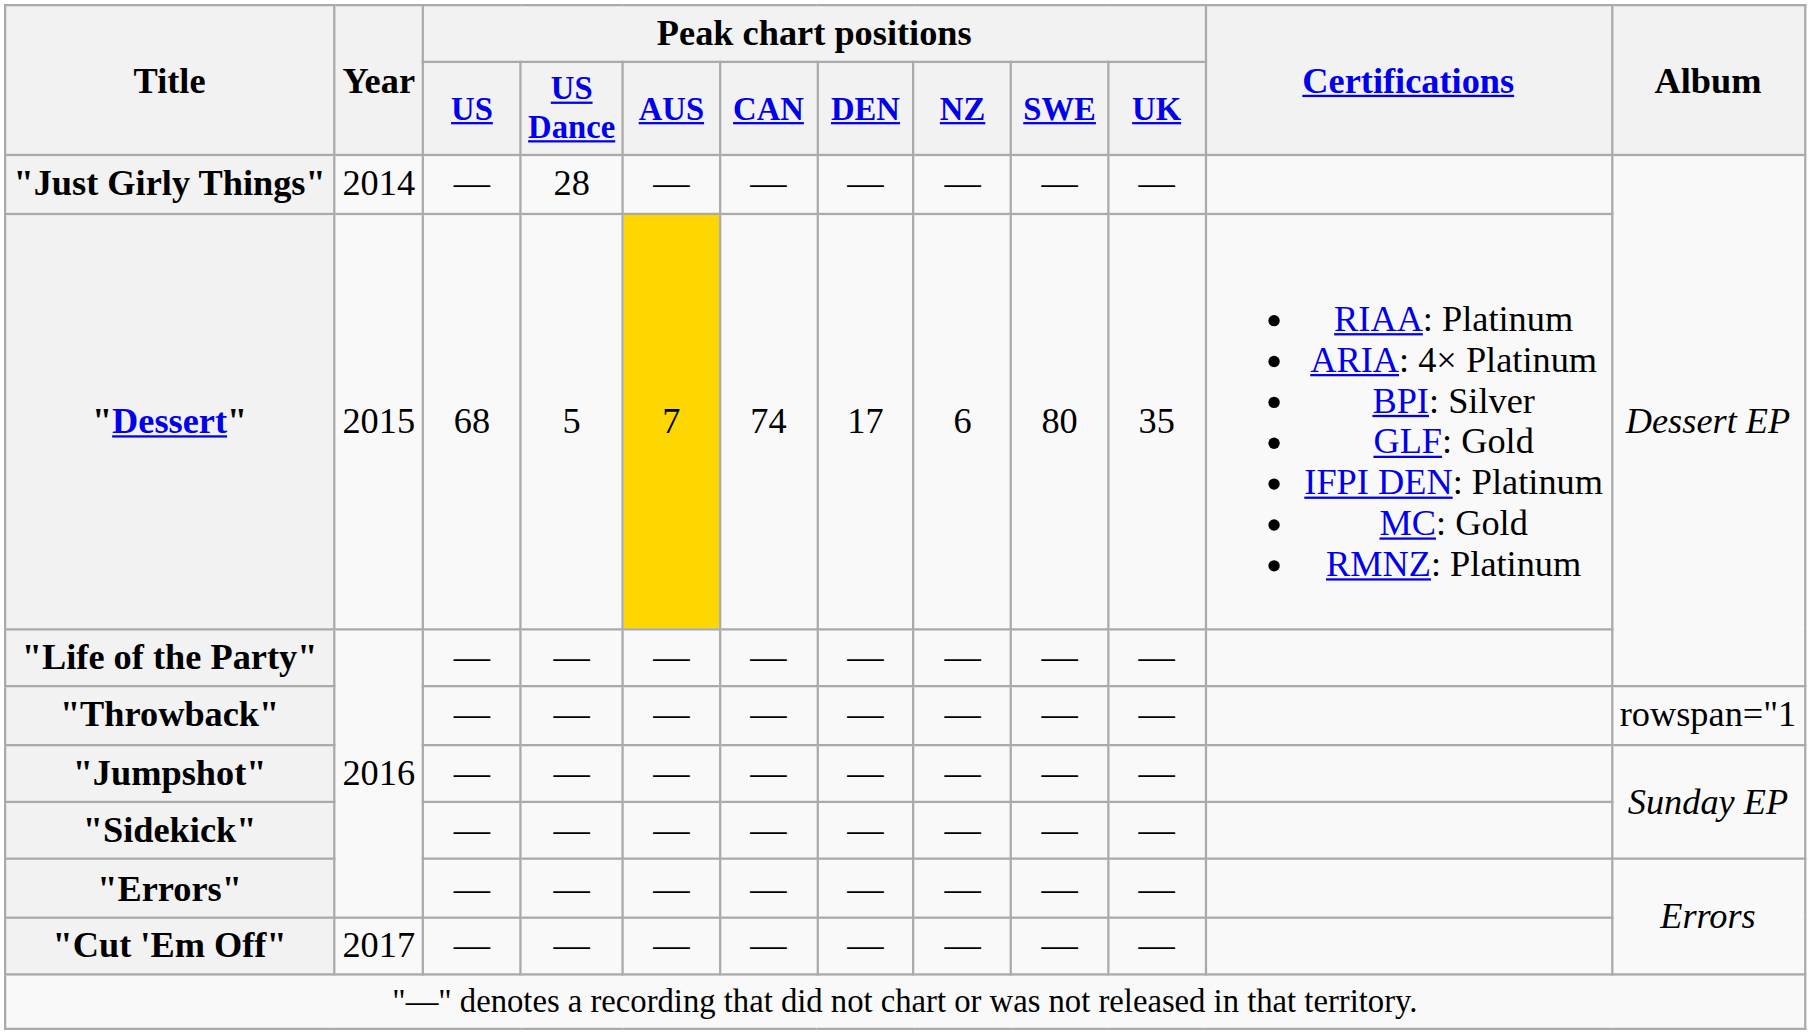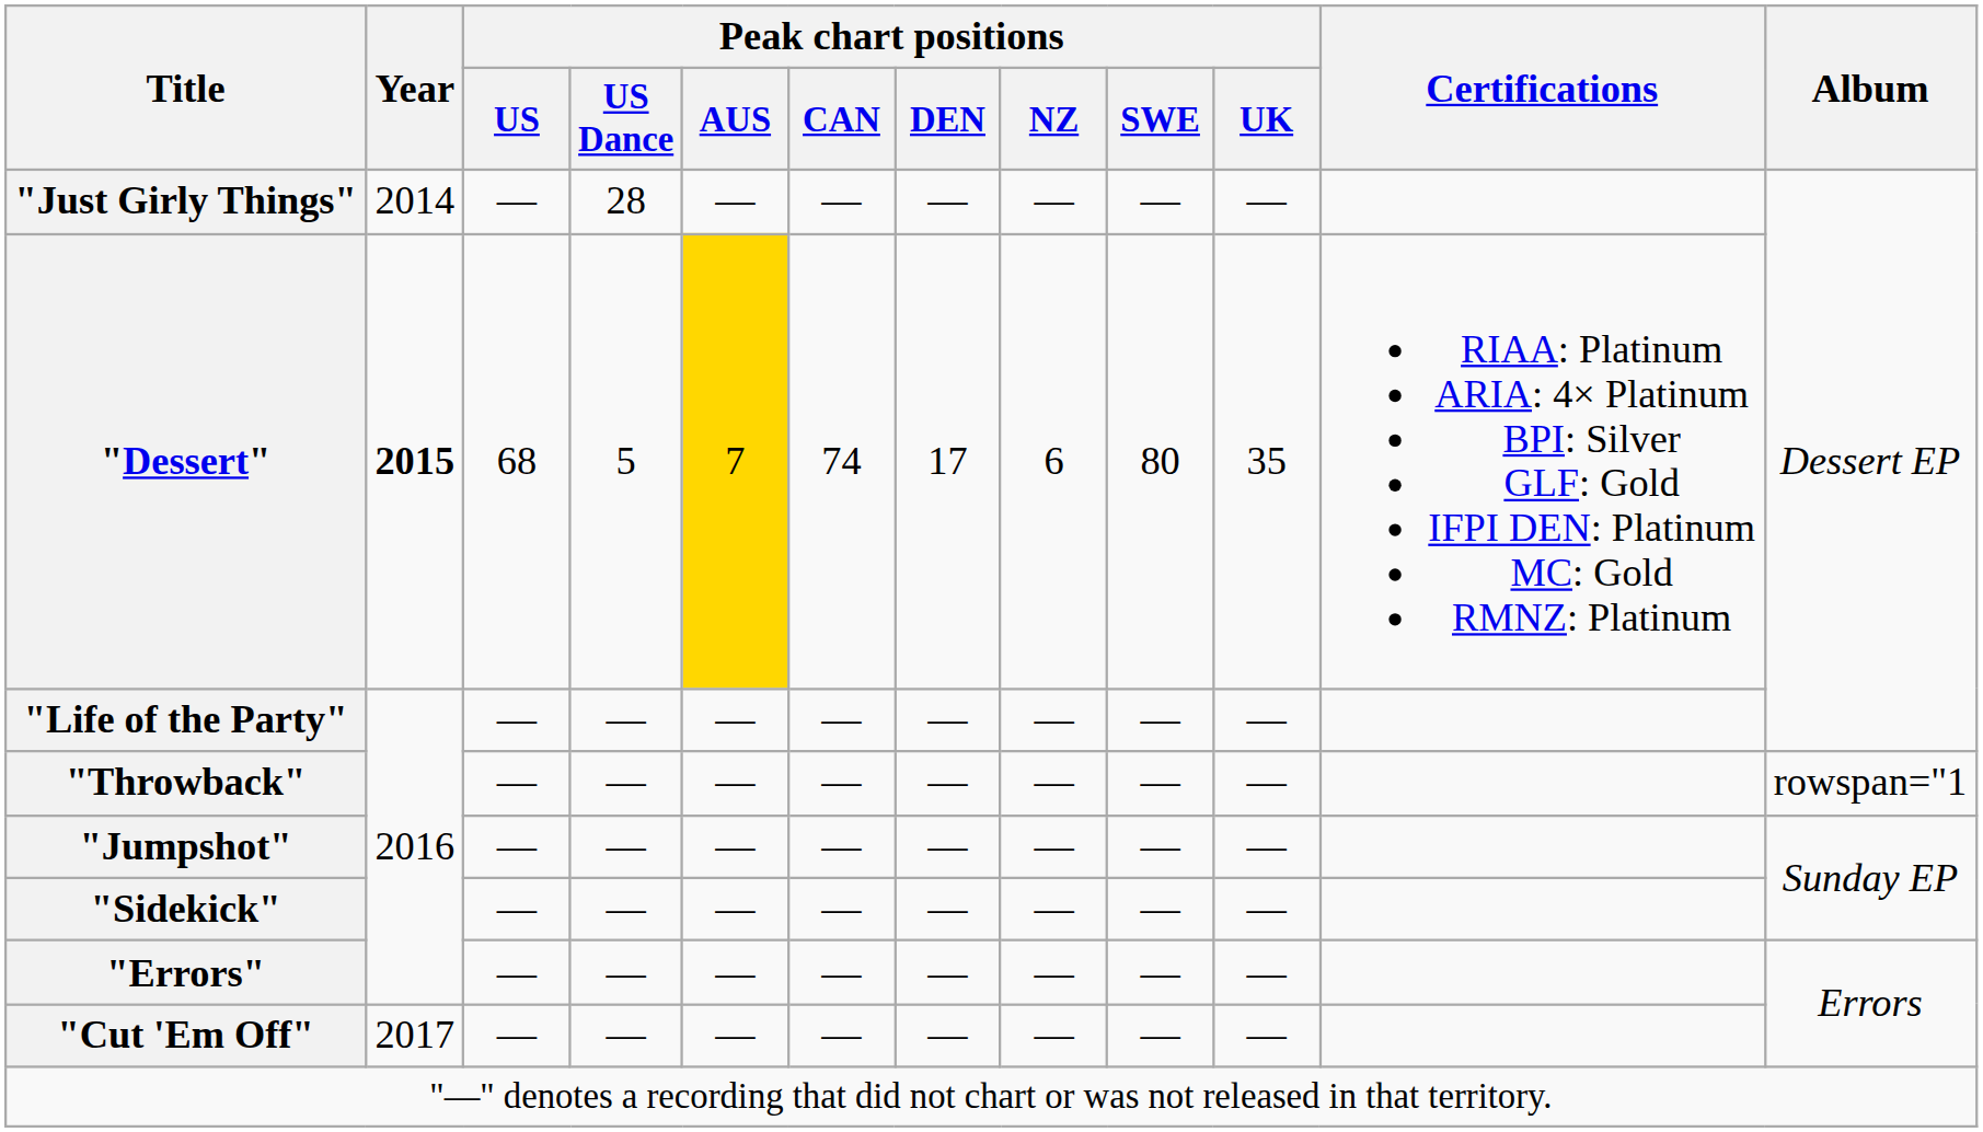 <table class="wikitable plainrowheaders" style="text-align:center">
 <tr>
 <th scope="col" rowspan="2">Title</th>
 <th scope="col" rowspan="2">Year</th>
 <th scope="col" colspan="8">Peak chart positions</th>
 <th scope="col" rowspan="2"><a href='#'>Certifications</a></th>
 <th scope="col" rowspan="2">Album</th>
 </tr>
 <tr>
 <th scope="col" style="width:2.5em; font-size:90%;"><a href='#'>US</a><br></th>
 <th scope="col" style="width:2.5em; font-size:90%;"><a href='#'>US<br> Dance</a><br></th>
 <th scope="col" style="width:2.5em; font-size:90%;"><a href='#'>AUS</a><br></th>
 <th scope="col" style="width:2.5em; font-size:90%;"><a href='#'>CAN</a><br></th>
 <th scope="col" style="width:2.5em; font-size:90%;"><a href='#'>DEN</a><br></th>
 <th scope="col" style="width:2.5em; font-size:90%;"><a href='#'>NZ</a><br></th>
 <th scope="col" style="width:2.5em; font-size:90%;"><a href='#'>SWE</a><br></th>
 <th scope="col" style="width:2.5em; font-size:90%;"><a href='#'>UK</a><br></th>
 </tr>
 <tr>
 <th scope="row">"Just Girly Things"</th>
 <td>2014</td>
 <td>—</td>
 <td>28</td>
 <td>—</td>
 <td>—</td>
 <td>—</td>
 <td>—</td>
 <td>—</td>
 <td>—</td>
 <td></td>
 <td rowspan="3"><em>Dessert EP</em></td>
 </tr>
 <tr>
 <th scope="row">"<a href='#'>Dessert</a>"<br></th>
-<td>2015</td>
+<td><strong>2015</strong></td>
 <td>68</td>
 <td>5</td>
 <td style="background: gold;">7</td>
 <td>74</td>
 <td>17</td>
 <td>6</td>
 <td>80</td>
 <td>35</td>
 <td><br><ul><li><a href='#'>RIAA</a>: Platinum</li><li><a href='#'>ARIA</a>: 4× Platinum</li><li><a href='#'>BPI</a>: Silver</li><li><a href='#'>GLF</a>: Gold</li><li><a href='#'>IFPI DEN</a>: Platinum</li><li><a href='#'>MC</a>: Gold</li><li><a href='#'>RMNZ</a>: Platinum</li></ul></td>
 </tr>
 <tr>
 <th scope="row">"Life of the Party"</th>
 <td rowspan="5">2016</td>
 <td>—</td>
 <td>—</td>
 <td>—</td>
 <td>—</td>
 <td>—</td>
 <td>—</td>
 <td>—</td>
 <td>—</td>
 <td></td>
 </tr>
 <tr>
 <th scope="row">"Throwback"</th>
 <td>—</td>
 <td>—</td>
 <td>—</td>
 <td>—</td>
 <td>—</td>
 <td>—</td>
 <td>—</td>
 <td>—</td>
 <td></td>
 <td>rowspan="1 </td>
 </tr>
 <tr>
 <th scope="row">"Jumpshot"</th>
 <td>—</td>
 <td>—</td>
 <td>—</td>
 <td>—</td>
 <td>—</td>
 <td>—</td>
 <td>—</td>
 <td>—</td>
 <td></td>
 <td rowspan="2"><em>Sunday EP</em></td>
 </tr>
 <tr>
 <th scope="row">"Sidekick"</th>
 <td>—</td>
 <td>—</td>
 <td>—</td>
 <td>—</td>
 <td>—</td>
 <td>—</td>
 <td>—</td>
 <td>—</td>
 <td></td>
 </tr>
 <tr>
 <th scope="row">"Errors"</th>
 <td>—</td>
 <td>—</td>
 <td>—</td>
 <td>—</td>
 <td>—</td>
 <td>—</td>
 <td>—</td>
 <td>—</td>
 <td></td>
 <td rowspan="2"><em>Errors</em></td>
 </tr>
 <tr>
 <th scope="row">"Cut 'Em Off"</th>
 <td rowspan="1">2017</td>
 <td>—</td>
 <td>—</td>
 <td>—</td>
 <td>—</td>
 <td>—</td>
 <td>—</td>
 <td>—</td>
 <td>—</td>
 <td></td>
 </tr>
 <tr>
 <td colspan="12" style="font-size:90%">"—" denotes a recording that did not chart or was not released in that territory.</td>
 </tr>
 </table>
